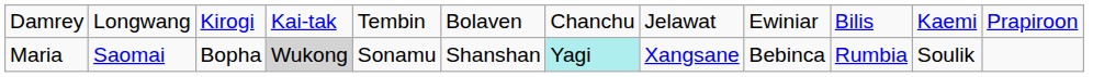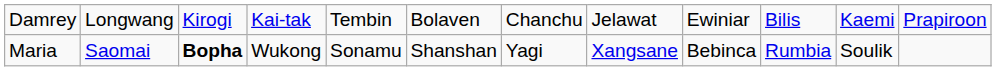 <table class="wikitable">
 <tr>
 <td>Damrey</td>
 <td>Longwang</td>
 <td><a href='#'>Kirogi</a></td>
 <td><a href='#'>Kai-tak</a></td>
 <td>Tembin</td>
 <td>Bolaven</td>
 <td>Chanchu</td>
 <td>Jelawat</td>
 <td>Ewiniar</td>
 <td><a href='#'>Bilis</a></td>
 <td><a href='#'>Kaemi</a></td>
 <td><a href='#'>Prapiroon</a></td>
 </tr>
 <tr>
 <td>Maria</td>
 <td><a href='#'>Saomai</a></td>
-<td>Bopha</td>
-<td style="background: lightgrey;">Wukong</td>
+<td><strong>Bopha</strong></td>
+<td>Wukong</td>
 <td>Sonamu</td>
 <td>Shanshan</td>
-<td style="background: paleturquoise;">Yagi</td>
+<td>Yagi</td>
 <td><a href='#'>Xangsane</a></td>
 <td>Bebinca</td>
 <td><a href='#'>Rumbia</a></td>
 <td>Soulik</td>
 </tr>
 </table>
